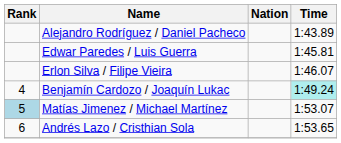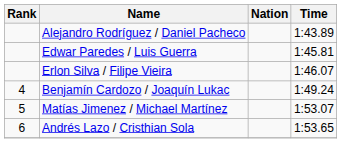 <table class="wikitable sortable" style="text-align:center">
 <tr>
 <th>Rank</th>
 <th>Name</th>
 <th>Nation</th>
 <th>Time</th>
 </tr>
 <tr>
 <td></td>
 <td align=left><a href='#'>Alejandro Rodríguez</a> / <a href='#'>Daniel Pacheco</a></td>
 <td align=left></td>
 <td>1:43.89</td>
 </tr>
 <tr>
 <td></td>
 <td align=left><a href='#'>Edwar Paredes</a> / <a href='#'>Luis Guerra</a></td>
 <td align=left></td>
 <td>1:45.81</td>
 </tr>
 <tr>
 <td></td>
 <td align=left><a href='#'>Erlon Silva</a> / <a href='#'>Filipe Vieira</a></td>
 <td align=left></td>
 <td>1:46.07</td>
 </tr>
 <tr>
 <td>4</td>
 <td align=left><a href='#'>Benjamín Cardozo</a> / <a href='#'>Joaquín Lukac</a></td>
 <td align=left></td>
-<td style="background: paleturquoise;">1:49.24</td>
+<td>1:49.24</td>
 </tr>
 <tr>
-<td style="background: lightblue;">5</td>
+<td>5</td>
 <td align=left><a href='#'>Matías Jimenez</a> / <a href='#'>Michael Martínez</a></td>
 <td align=left></td>
 <td>1:53.07</td>
 </tr>
 <tr>
 <td>6</td>
 <td align=left><a href='#'>Andrés Lazo</a> / <a href='#'>Cristhian Sola</a></td>
 <td align=left></td>
 <td>1:53.65</td>
 </tr>
 <tr>
 </tr>
 </table>
